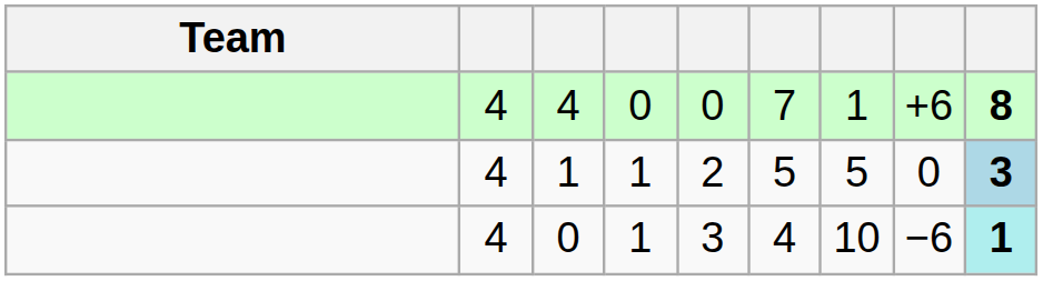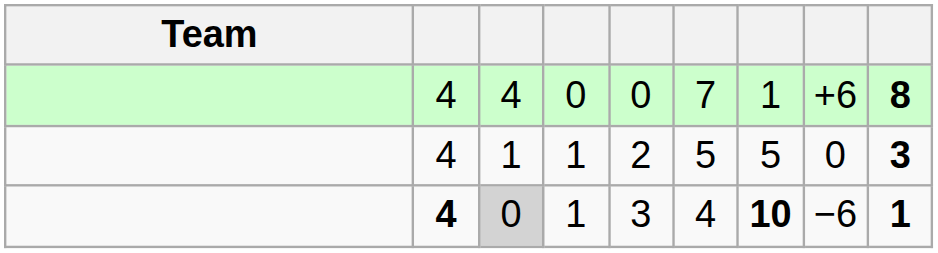 <table class=wikitable style="text-align:center">
 <tr>
 <th width=165>Team</th>
 <th width=20></th>
 <th width=20></th>
 <th width=20></th>
 <th width=20></th>
 <th width=20></th>
 <th width=20></th>
 <th width=20></th>
 <th width=20></th>
 </tr>
 <tr align=center bgcolor=ccffcc>
 <td align=left></td>
 <td>4</td>
 <td>4</td>
 <td>0</td>
 <td>0</td>
 <td>7</td>
 <td>1</td>
 <td>+6</td>
 <td><strong>8</strong></td>
 </tr>
 <tr align=center>
 <td align=left></td>
 <td>4</td>
 <td>1</td>
 <td>1</td>
 <td>2</td>
 <td>5</td>
 <td>5</td>
 <td>0</td>
-<td style="background: lightblue;"><strong>3</strong></td>
+<td><strong>3</strong></td>
 </tr>
 <tr align=center>
 <td align=left></td>
-<td>4</td>
-<td>0</td>
+<td><strong>4</strong></td>
+<td style="background: lightgrey;">0</td>
 <td>1</td>
 <td>3</td>
 <td>4</td>
-<td>10</td>
+<td><strong>10</strong></td>
 <td>−6</td>
-<td style="background: paleturquoise;"><strong>1</strong></td>
+<td><strong>1</strong></td>
 </tr>
 </table>
